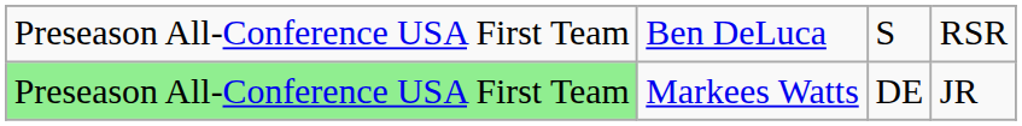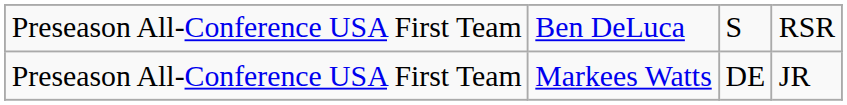 <table class="wikitable">
 <tr>
 <td>Preseason All-<a href='#'>Conference USA</a> First Team</td>
 <td><a href='#'>Ben DeLuca</a></td>
 <td>S</td>
 <td>RSR</td>
 </tr>
 <tr>
-<td style="background: lightgreen;">Preseason All-<a href='#'>Conference USA</a> First Team</td>
+<td>Preseason All-<a href='#'>Conference USA</a> First Team</td>
 <td><a href='#'>Markees Watts</a></td>
 <td>DE</td>
 <td>JR</td>
 </tr>
 </table>
